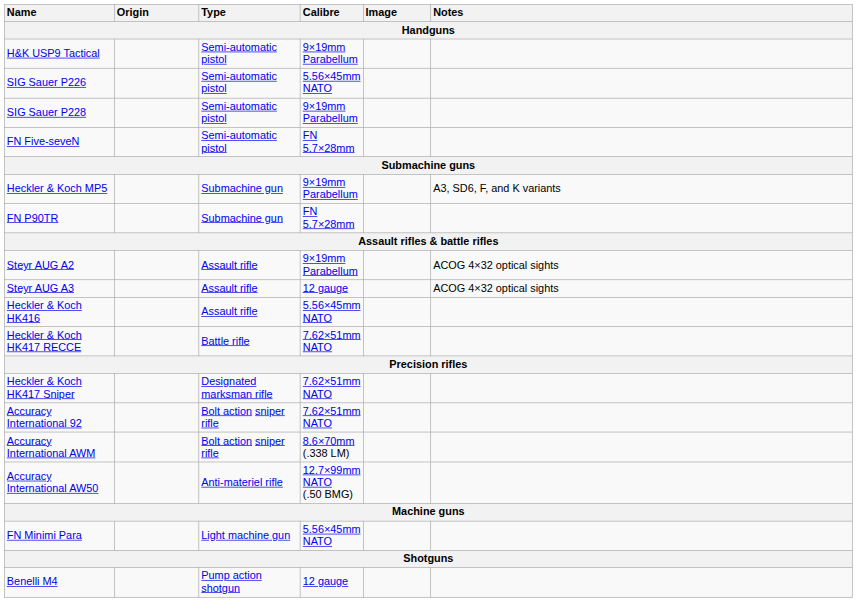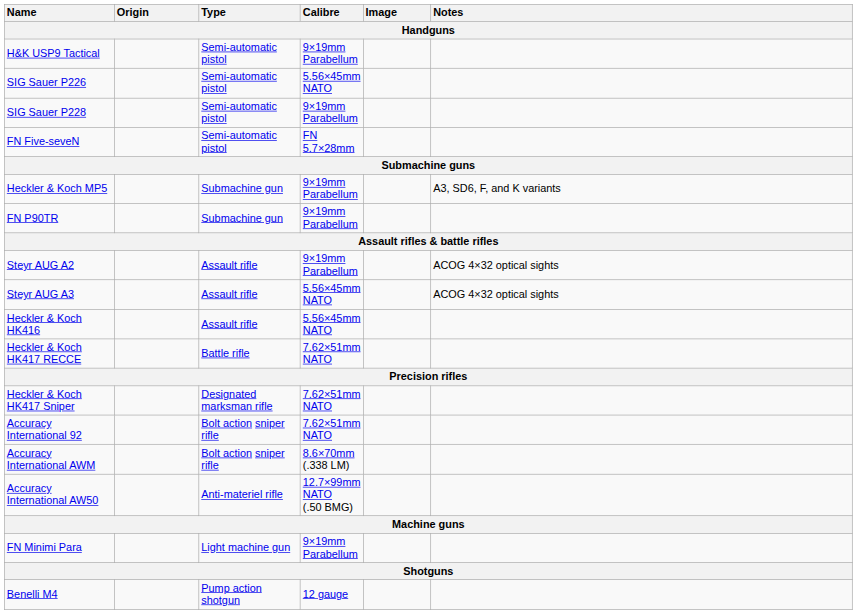 <table class="wikitable">
 <tr>
 <th style="text-align: left; width:13%;">Name</th>
 <th style="text-align: left; width:10%;">Origin</th>
 <th style="text-align: left; width:12%;">Type</th>
 <th style="text-align: left; width:7%;">Calibre</th>
 <th style="text-align: left; width:8%; ">Image</th>
 <th style="text-align: left; width:50%;">Notes</th>
 </tr>
 <tr>
 <th colspan="6" style="align: center;">Handguns</th>
 </tr>
 <tr>
 <td><a href='#'>H&K USP9 Tactical</a></td>
 <td></td>
 <td><a href='#'>Semi-automatic pistol</a></td>
 <td><a href='#'>9×19mm Parabellum</a></td>
 <td></td>
 <td></td>
 </tr>
 <tr>
 <td><a href='#'>SIG Sauer P226</a></td>
 <td> <br> </td>
 <td><a href='#'>Semi-automatic pistol</a></td>
 <td><a href='#'>5.56×45mm NATO</a></td>
 <td></td>
 <td></td>
 </tr>
 <tr>
 <td><a href='#'>SIG Sauer P228</a></td>
 <td> <br> </td>
 <td><a href='#'>Semi-automatic pistol</a></td>
 <td><a href='#'>9×19mm Parabellum</a></td>
 <td></td>
 <td></td>
 </tr>
 <tr>
 <td><a href='#'>FN Five-seveN</a></td>
 <td></td>
 <td><a href='#'>Semi-automatic pistol</a></td>
 <td><a href='#'>FN 5.7×28mm</a></td>
 <td></td>
 <td></td>
 </tr>
 <tr>
 <th colspan="6">Submachine guns</th>
 </tr>
 <tr>
 <td><a href='#'>Heckler & Koch MP5</a></td>
 <td></td>
 <td><a href='#'>Submachine gun</a></td>
 <td><a href='#'>9×19mm Parabellum</a></td>
 <td></td>
 <td>A3, SD6, F, and K variants </td>
 </tr>
 <tr>
 <td><a href='#'>FN P90TR</a></td>
 <td></td>
 <td><a href='#'>Submachine gun</a></td>
-<td><a href='#'>FN 5.7×28mm</a></td>
+<td><a href='#'>9×19mm Parabellum</a></td>
 <td></td>
 <td></td>
 </tr>
 <tr>
 <th colspan="6">Assault rifles & battle rifles</th>
 </tr>
 <tr>
 <td><a href='#'>Steyr AUG A2</a></td>
 <td></td>
 <td><a href='#'>Assault rifle</a></td>
 <td><a href='#'>9×19mm Parabellum</a></td>
 <td></td>
 <td>ACOG 4×32 optical sights </td>
 </tr>
 <tr>
 <td><a href='#'>Steyr AUG A3</a></td>
 <td></td>
 <td><a href='#'>Assault rifle</a></td>
-<td><a href='#'>12 gauge</a></td>
+<td><a href='#'>5.56×45mm NATO</a></td>
 <td></td>
 <td>ACOG 4×32 optical sights </td>
 </tr>
 <tr>
 <td><a href='#'>Heckler & Koch HK416</a></td>
 <td></td>
 <td><a href='#'>Assault rifle</a></td>
 <td><a href='#'>5.56×45mm NATO</a></td>
 <td></td>
 <td></td>
 </tr>
 <tr>
 <td><a href='#'>Heckler & Koch HK417 RECCE</a></td>
 <td></td>
 <td><a href='#'>Battle rifle</a></td>
 <td><a href='#'>7.62×51mm NATO</a></td>
 <td></td>
 <td></td>
 </tr>
 <tr>
 <th colspan="6">Precision rifles</th>
 </tr>
 <tr>
 <td><a href='#'>Heckler & Koch HK417 Sniper</a></td>
 <td></td>
 <td><a href='#'>Designated marksman rifle</a></td>
 <td><a href='#'>7.62×51mm NATO</a></td>
 <td></td>
 <td></td>
 </tr>
 <tr>
 <td><a href='#'>Accuracy International 92</a></td>
 <td></td>
 <td><a href='#'>Bolt action</a> <a href='#'>sniper rifle</a></td>
 <td><a href='#'>7.62×51mm NATO</a></td>
 <td></td>
 <td></td>
 </tr>
 <tr>
 <td><a href='#'>Accuracy International AWM</a></td>
 <td></td>
 <td><a href='#'>Bolt action</a> <a href='#'>sniper rifle</a></td>
 <td><a href='#'>8.6×70mm</a> (.338 LM)</td>
 <td></td>
 <td></td>
 </tr>
 <tr>
 <td><a href='#'>Accuracy International AW50</a></td>
 <td></td>
 <td><a href='#'>Anti-materiel rifle</a></td>
 <td><a href='#'>12.7×99mm NATO</a><br>(.50 BMG)</td>
 <td></td>
 <td></td>
 </tr>
 <tr>
 <th colspan="6">Machine guns</th>
 </tr>
 <tr>
 <td><a href='#'>FN Minimi Para</a></td>
 <td></td>
 <td><a href='#'>Light machine gun</a></td>
-<td><a href='#'>5.56×45mm NATO</a></td>
+<td><a href='#'>9×19mm Parabellum</a></td>
 <td></td>
 <td></td>
 </tr>
 <tr>
 <th colspan="6"><strong>Shotguns</strong></th>
 </tr>
 <tr>
 <td><a href='#'>Benelli M4</a></td>
 <td></td>
 <td><a href='#'>Pump action</a> <a href='#'>shotgun</a></td>
 <td><a href='#'>12 gauge</a></td>
 <td></td>
 <td></td>
 </tr>
 </table>
